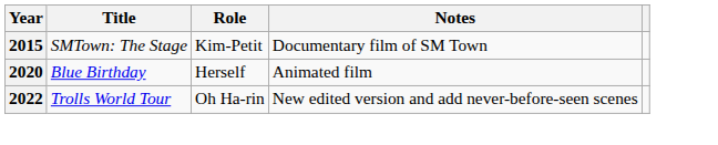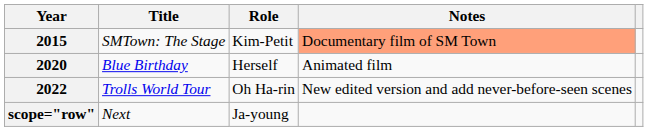 <table class="wikitable plainrowheaders sortable">
 <tr>
 <th scope="col">Year</th>
 <th scope="col">Title</th>
 <th scope="col">Role</th>
 <th scope="col">Notes</th>
 <th scope="col" class="unsortable"></th>
 </tr>
 <tr>
 <th scope="row">2015</th>
 <td><em>SMTown: The Stage</em></td>
 <td>Kim-Petit</td>
-<td>Documentary film of SM Town</td>
+<td style="background: lightsalmon;">Documentary film of SM Town</td>
 <td style="text-align:center"></td>
 </tr>
 <tr>
 <th scope="row">2020</th>
 <td><em><a href='#'>Blue Birthday</a></em></td>
 <td>Herself</td>
 <td>Animated film</td>
 <td style="text-align:center"></td>
 </tr>
 <tr>
 <th scope="row">2022</th>
 <td><em><a href='#'>Trolls World Tour</a></em></td>
 <td>Oh Ha-rin</td>
 <td>New edited version and add never-before-seen scenes</td>
 <td style="text-align:center"></td>
 </tr>
+<tr>
+<th>scope="row" </th>
+<td><em>Next</em></td>
+<td>Ja-young</td>
+<td></td>
+<td style="text-align:center"></td>
+</tr>
 </table>
